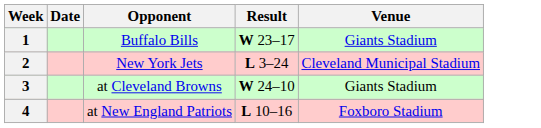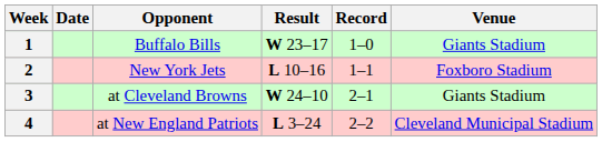 <table class="wikitable" style="text-align:center">
 <tr>
 <th>Week</th>
 <th>Date</th>
 <th>Opponent</th>
 <th>Result</th>
+<th>Record</th>
 <th>Venue</th>
 </tr>
 <tr style="background:#cfc">
 <th>1</th>
 <td></td>
 <td><a href='#'>Buffalo Bills</a></td>
 <td><strong>W</strong> 23–17</td>
+<td>1–0</td>
 <td><a href='#'>Giants Stadium</a></td>
 </tr>
 <tr style="background:#fcc">
 <th>2</th>
 <td></td>
 <td><a href='#'>New York Jets</a></td>
-<td><strong>L</strong> 3–24</td>
-<td><a href='#'>Cleveland Municipal Stadium</a></td>
+<td><strong>L</strong> 10–16</td>
+<td>1–1</td>
+<td><a href='#'>Foxboro Stadium</a></td>
 </tr>
 <tr style="background:#cfc">
 <th>3</th>
 <td></td>
 <td>at <a href='#'>Cleveland Browns</a></td>
 <td><strong>W</strong> 24–10</td>
+<td>2–1</td>
 <td>Giants Stadium</td>
 </tr>
 <tr style="background:#fcc">
 <th>4</th>
 <td></td>
 <td>at <a href='#'>New England Patriots</a></td>
-<td><strong>L</strong> 10–16</td>
-<td><a href='#'>Foxboro Stadium</a></td>
+<td><strong>L</strong> 3–24</td>
+<td>2–2</td>
+<td><a href='#'>Cleveland Municipal Stadium</a></td>
 </tr>
 </table>
